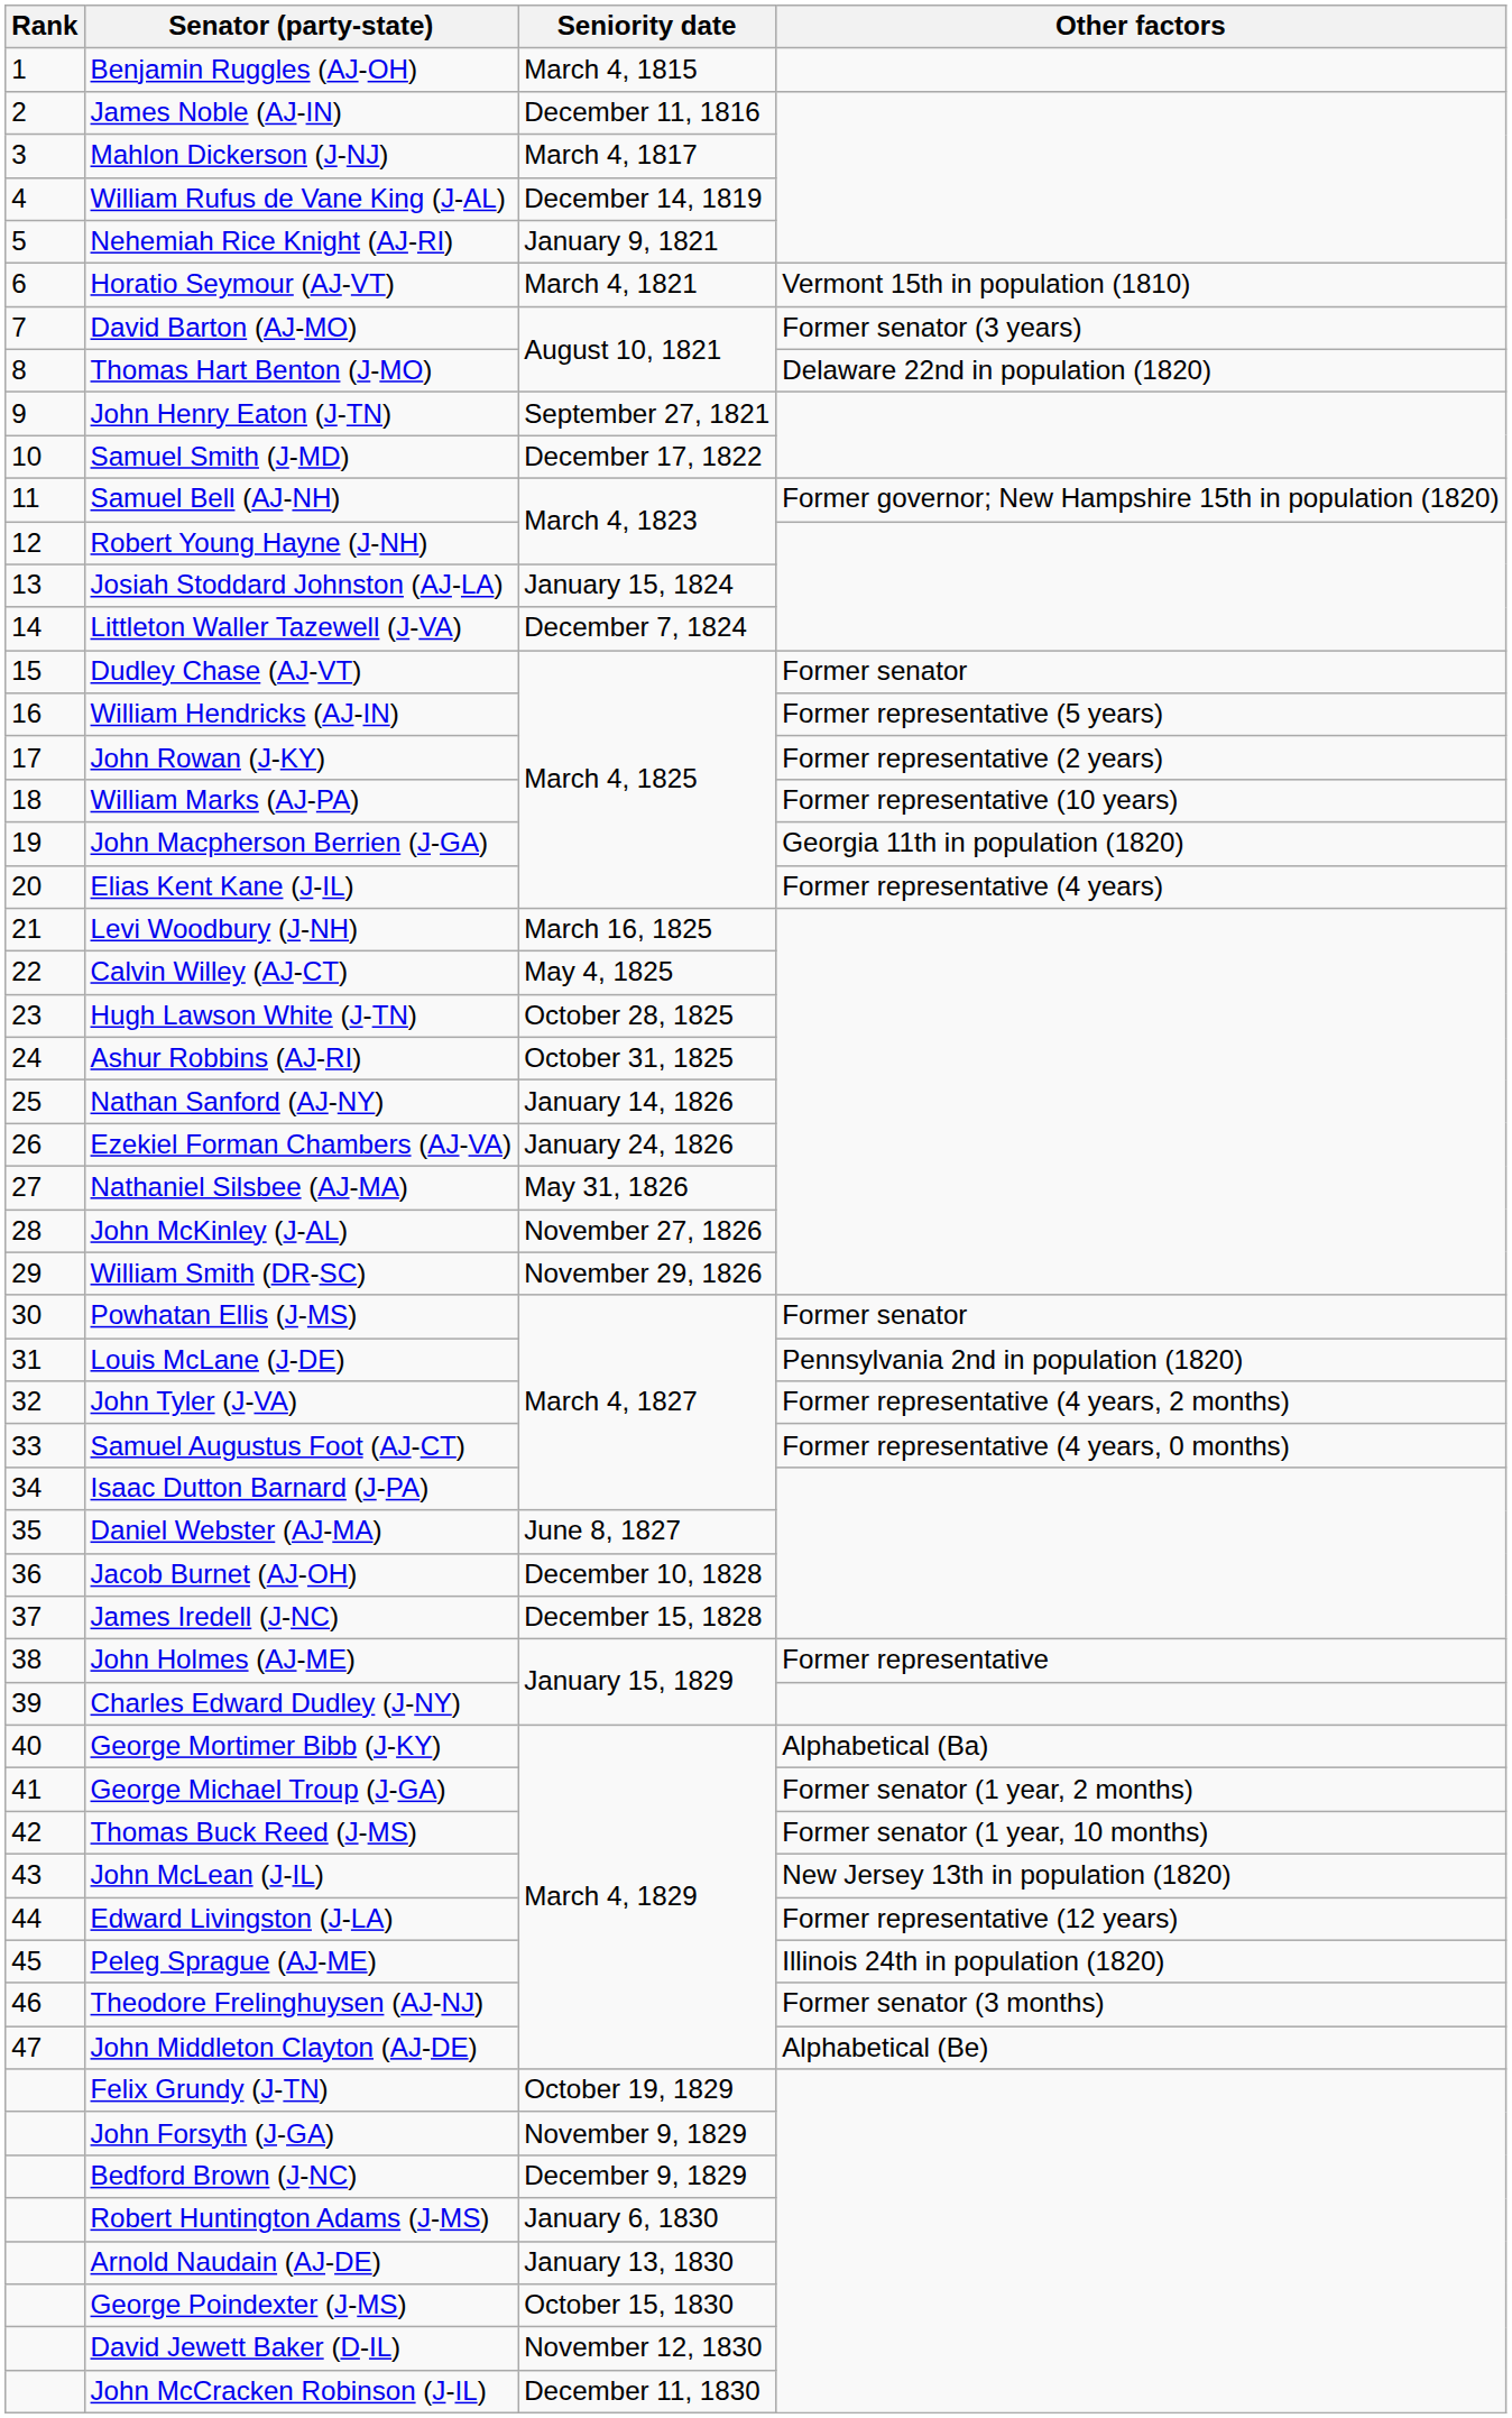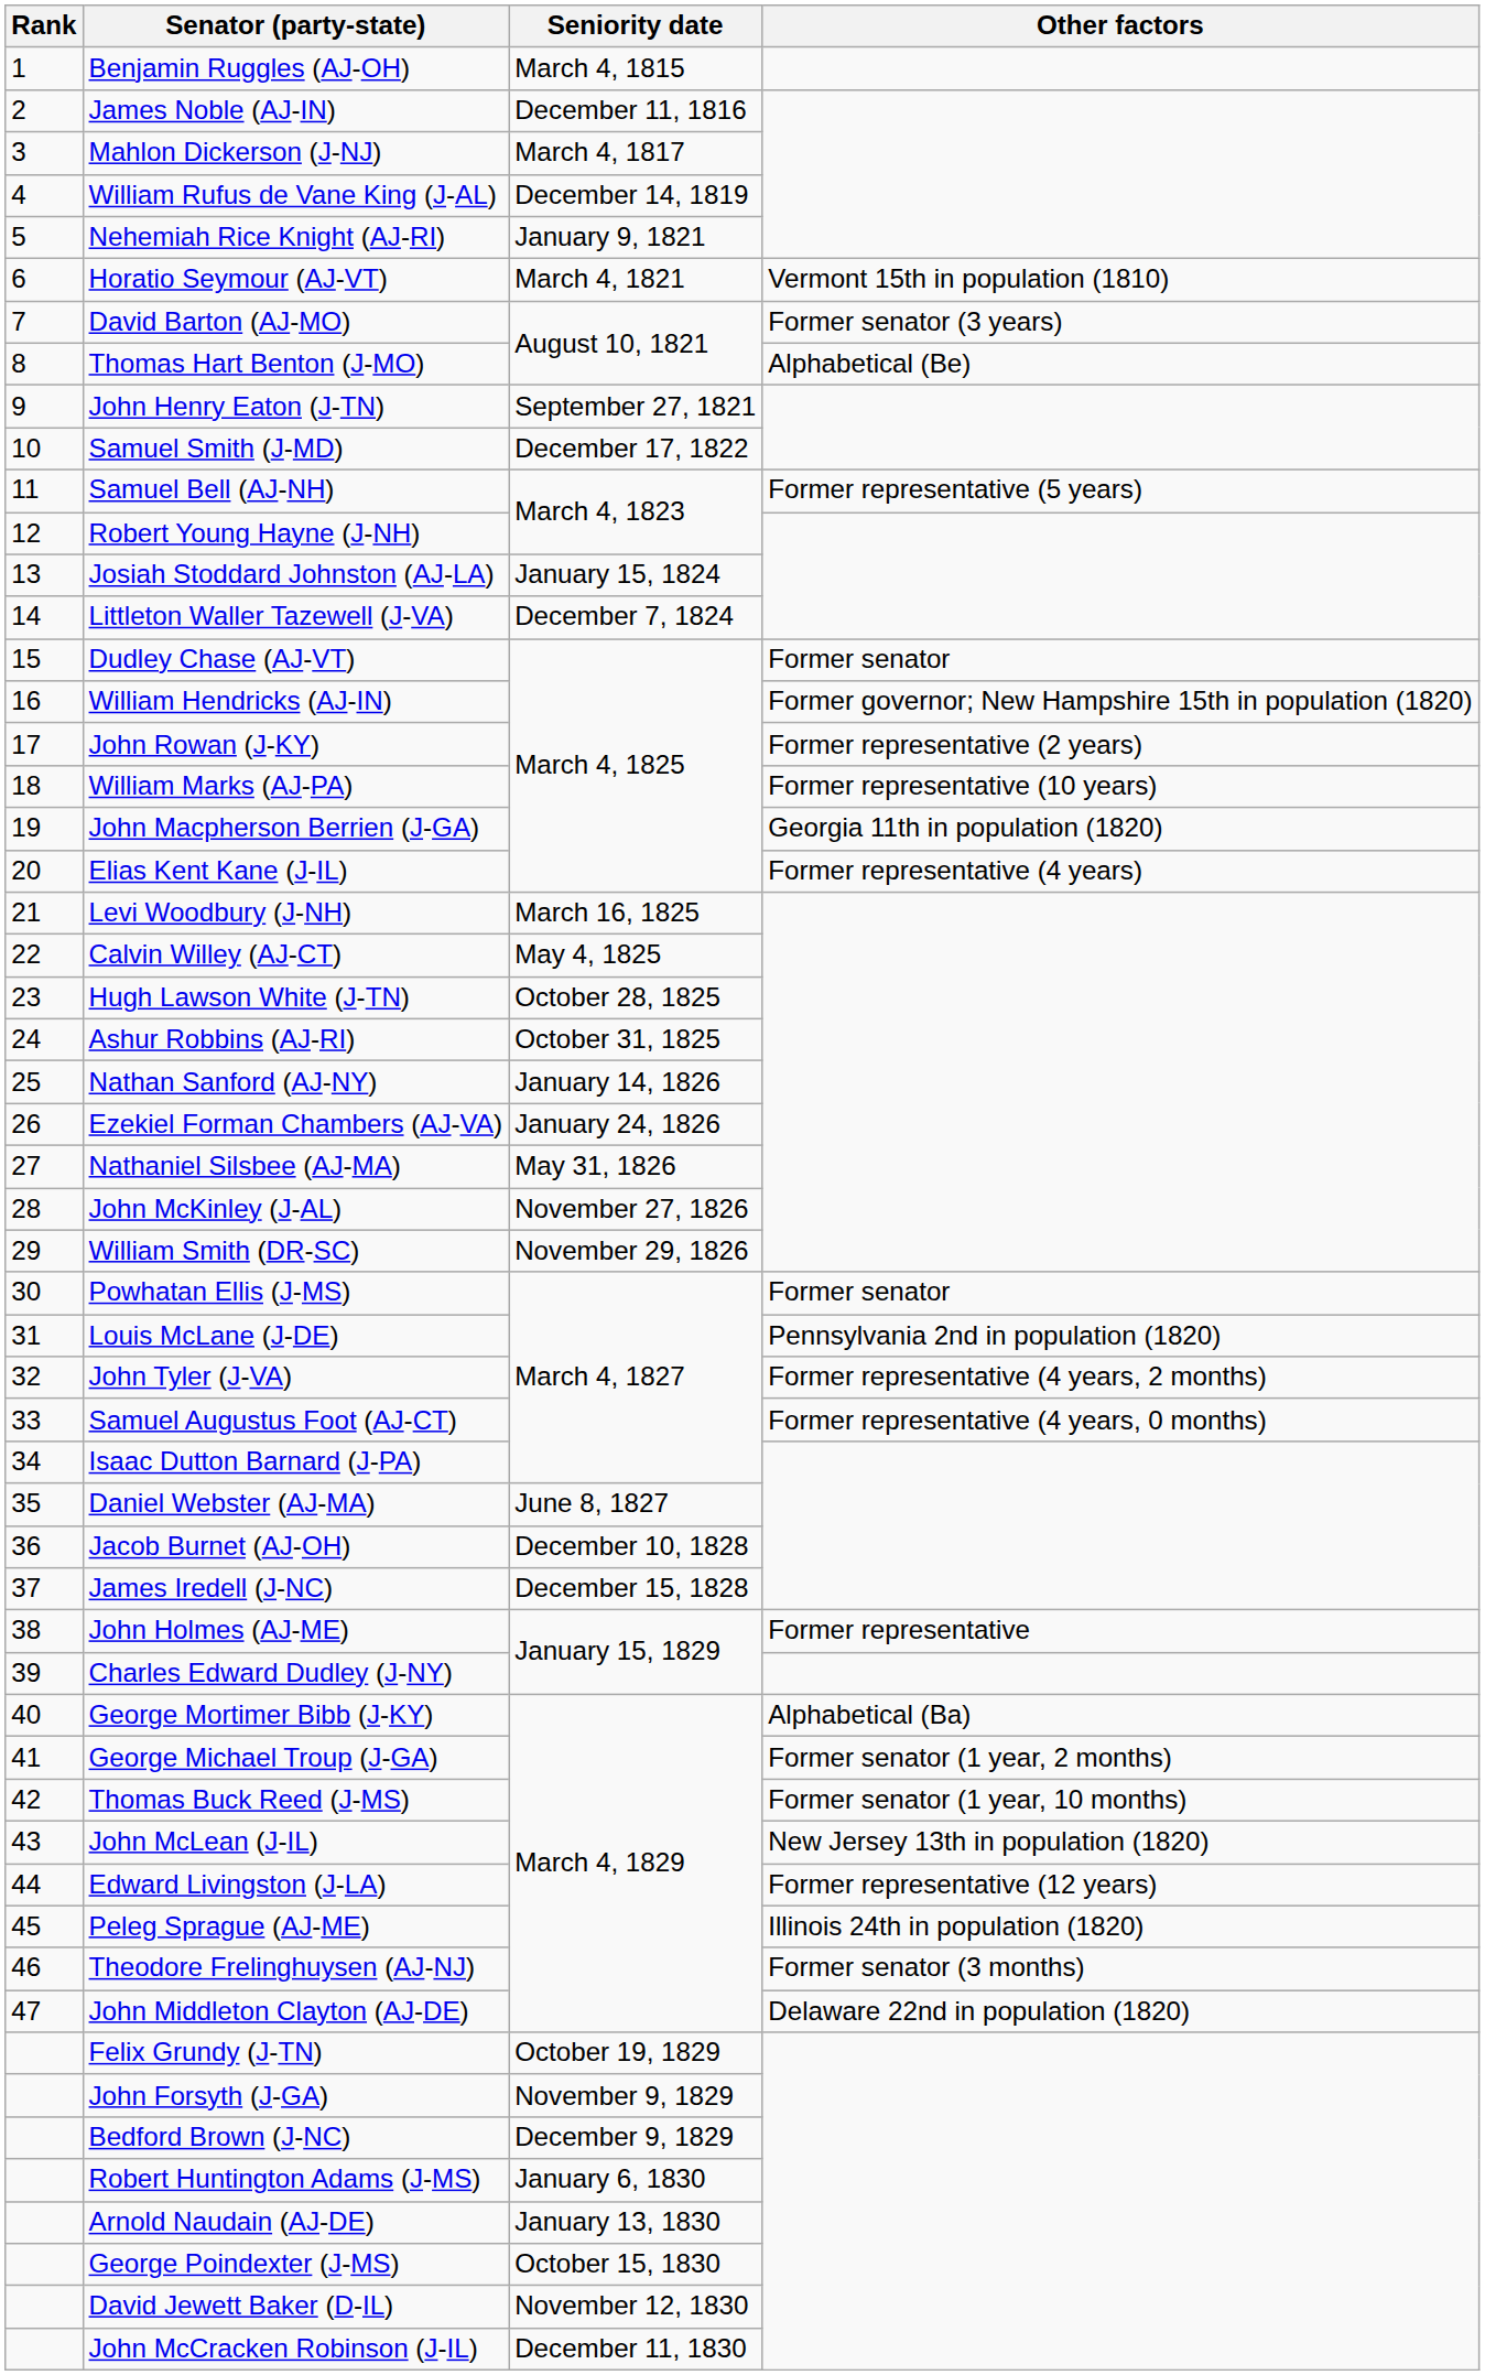 <table class=wikitable>
 <tr valign=bottom>
 <th>Rank</th>
 <th>Senator (party-state)</th>
 <th>Seniority date</th>
 <th>Other factors</th>
 </tr>
 <tr>
 <td>1</td>
 <td><a href='#'>Benjamin Ruggles</a> (<a href='#'>AJ</a>-<a href='#'>OH</a>)</td>
 <td>March 4, 1815</td>
 <td></td>
 </tr>
 <tr>
 <td>2</td>
 <td><a href='#'>James Noble</a> (<a href='#'>AJ</a>-<a href='#'>IN</a>)</td>
 <td>December 11, 1816</td>
 </tr>
 <tr>
 <td>3</td>
 <td><a href='#'>Mahlon Dickerson</a> (<a href='#'>J</a>-<a href='#'>NJ</a>)</td>
 <td>March 4, 1817</td>
 </tr>
 <tr>
 <td>4</td>
 <td><a href='#'>William Rufus de Vane King</a> (<a href='#'>J</a>-<a href='#'>AL</a>)</td>
 <td>December 14, 1819</td>
 </tr>
 <tr>
 <td>5</td>
 <td><a href='#'>Nehemiah Rice Knight</a> (<a href='#'>AJ</a>-<a href='#'>RI</a>)</td>
 <td>January 9, 1821</td>
 </tr>
 <tr>
 <td>6</td>
 <td><a href='#'>Horatio Seymour</a> (<a href='#'>AJ</a>-<a href='#'>VT</a>)</td>
 <td>March 4, 1821</td>
 <td>Vermont 15th in population (1810)</td>
 </tr>
 <tr>
 <td>7</td>
 <td><a href='#'>David Barton</a> (<a href='#'>AJ</a>-<a href='#'>MO</a>)</td>
 <td rowspan=2>August 10, 1821</td>
 <td>Former senator (3 years)</td>
 </tr>
 <tr>
 <td>8</td>
 <td><a href='#'>Thomas Hart Benton</a> (<a href='#'>J</a>-<a href='#'>MO</a>)</td>
-<td>Delaware 22nd in population (1820)</td>
+<td>Alphabetical (Be)</td>
 </tr>
 <tr>
 <td>9</td>
 <td><a href='#'>John Henry Eaton</a> (<a href='#'>J</a>-<a href='#'>TN</a>)</td>
 <td>September 27, 1821</td>
 </tr>
 <tr>
 <td>10</td>
 <td><a href='#'>Samuel Smith</a> (<a href='#'>J</a>-<a href='#'>MD</a>)</td>
 <td>December 17, 1822</td>
 </tr>
 <tr>
 <td>11</td>
 <td><a href='#'>Samuel Bell</a> (<a href='#'>AJ</a>-<a href='#'>NH</a>)</td>
 <td rowspan=2>March 4, 1823</td>
-<td>Former governor; New Hampshire 15th in population (1820)</td>
+<td>Former representative (5 years)</td>
 </tr>
 <tr>
 <td>12</td>
 <td><a href='#'>Robert Young Hayne</a> (<a href='#'>J</a>-<a href='#'>NH</a>)</td>
 </tr>
 <tr>
 <td>13</td>
 <td><a href='#'>Josiah Stoddard Johnston</a> (<a href='#'>AJ</a>-<a href='#'>LA</a>)</td>
 <td>January 15, 1824</td>
 </tr>
 <tr>
 <td>14</td>
 <td><a href='#'>Littleton Waller Tazewell</a> (<a href='#'>J</a>-<a href='#'>VA</a>)</td>
 <td>December 7, 1824</td>
 </tr>
 <tr>
 <td>15</td>
 <td><a href='#'>Dudley Chase</a> (<a href='#'>AJ</a>-<a href='#'>VT</a>)</td>
 <td rowspan=6>March 4, 1825</td>
 <td>Former senator</td>
 </tr>
 <tr>
 <td>16</td>
 <td><a href='#'>William Hendricks</a> (<a href='#'>AJ</a>-<a href='#'>IN</a>)</td>
-<td>Former representative (5 years)</td>
+<td>Former governor; New Hampshire 15th in population (1820)</td>
 </tr>
 <tr>
 <td>17</td>
 <td><a href='#'>John Rowan</a> (<a href='#'>J</a>-<a href='#'>KY</a>)</td>
 <td>Former representative (2 years)</td>
 </tr>
 <tr>
 <td>18</td>
 <td><a href='#'>William Marks</a> (<a href='#'>AJ</a>-<a href='#'>PA</a>)</td>
 <td>Former representative (10 years)</td>
 </tr>
 <tr>
 <td>19</td>
 <td><a href='#'>John Macpherson Berrien</a> (<a href='#'>J</a>-<a href='#'>GA</a>)</td>
 <td>Georgia 11th in population (1820)</td>
 </tr>
 <tr>
 <td>20</td>
 <td><a href='#'>Elias Kent Kane</a> (<a href='#'>J</a>-<a href='#'>IL</a>)</td>
 <td>Former representative (4 years)</td>
 </tr>
 <tr>
 <td>21</td>
 <td><a href='#'>Levi Woodbury</a> (<a href='#'>J</a>-<a href='#'>NH</a>)</td>
 <td>March 16, 1825</td>
 </tr>
 <tr>
 <td>22</td>
 <td><a href='#'>Calvin Willey</a> (<a href='#'>AJ</a>-<a href='#'>CT</a>)</td>
 <td>May 4, 1825</td>
 </tr>
 <tr>
 <td>23</td>
 <td><a href='#'>Hugh Lawson White</a> (<a href='#'>J</a>-<a href='#'>TN</a>)</td>
 <td>October 28, 1825</td>
 </tr>
 <tr>
 <td>24</td>
 <td><a href='#'>Ashur Robbins</a> (<a href='#'>AJ</a>-<a href='#'>RI</a>)</td>
 <td>October 31, 1825</td>
 </tr>
 <tr>
 <td>25</td>
 <td><a href='#'>Nathan Sanford</a> (<a href='#'>AJ</a>-<a href='#'>NY</a>)</td>
 <td>January 14, 1826</td>
 </tr>
 <tr>
 <td>26</td>
 <td><a href='#'>Ezekiel Forman Chambers</a> (<a href='#'>AJ</a>-<a href='#'>VA</a>)</td>
 <td>January 24, 1826</td>
 </tr>
 <tr>
 <td>27</td>
 <td><a href='#'>Nathaniel Silsbee</a> (<a href='#'>AJ</a>-<a href='#'>MA</a>)</td>
 <td>May 31, 1826</td>
 </tr>
 <tr>
 <td>28</td>
 <td><a href='#'>John McKinley</a> (<a href='#'>J</a>-<a href='#'>AL</a>)</td>
 <td>November 27, 1826</td>
 </tr>
 <tr>
 <td>29</td>
 <td><a href='#'>William Smith</a> (<a href='#'>DR</a>-<a href='#'>SC</a>)</td>
 <td>November 29, 1826</td>
 </tr>
 <tr>
 <td>30</td>
 <td><a href='#'>Powhatan Ellis</a> (<a href='#'>J</a>-<a href='#'>MS</a>)</td>
 <td rowspan=5>March 4, 1827</td>
 <td>Former senator</td>
 </tr>
 <tr>
 <td>31</td>
 <td><a href='#'>Louis McLane</a> (<a href='#'>J</a>-<a href='#'>DE</a>)</td>
 <td>Pennsylvania 2nd in population (1820)</td>
 </tr>
 <tr>
 <td>32</td>
 <td><a href='#'>John Tyler</a> (<a href='#'>J</a>-<a href='#'>VA</a>)</td>
 <td>Former representative (4 years, 2 months)</td>
 </tr>
 <tr>
 <td>33</td>
 <td><a href='#'>Samuel Augustus Foot</a> (<a href='#'>AJ</a>-<a href='#'>CT</a>)</td>
 <td>Former representative (4 years, 0 months)</td>
 </tr>
 <tr>
 <td>34</td>
 <td><a href='#'>Isaac Dutton Barnard</a> (<a href='#'>J</a>-<a href='#'>PA</a>)</td>
 </tr>
 <tr>
 <td>35</td>
 <td><a href='#'>Daniel Webster</a> (<a href='#'>AJ</a>-<a href='#'>MA</a>)</td>
 <td>June 8, 1827</td>
 </tr>
 <tr>
 <td>36</td>
 <td><a href='#'>Jacob Burnet</a> (<a href='#'>AJ</a>-<a href='#'>OH</a>)</td>
 <td>December 10, 1828</td>
 </tr>
 <tr>
 <td>37</td>
 <td><a href='#'>James Iredell</a> (<a href='#'>J</a>-<a href='#'>NC</a>)</td>
 <td>December 15, 1828</td>
 </tr>
 <tr>
 <td>38</td>
 <td><a href='#'>John Holmes</a> (<a href='#'>AJ</a>-<a href='#'>ME</a>)</td>
 <td rowspan=2>January 15, 1829</td>
 <td>Former representative</td>
 </tr>
 <tr>
 <td>39</td>
 <td><a href='#'>Charles Edward Dudley</a> (<a href='#'>J</a>-<a href='#'>NY</a>)</td>
 </tr>
 <tr>
 <td>40</td>
 <td><a href='#'>George Mortimer Bibb</a> (<a href='#'>J</a>-<a href='#'>KY</a>)</td>
 <td rowspan=8>March 4, 1829</td>
 <td>Alphabetical (Ba)</td>
 </tr>
 <tr>
 <td>41</td>
 <td><a href='#'>George Michael Troup</a> (<a href='#'>J</a>-<a href='#'>GA</a>)</td>
 <td>Former senator (1 year, 2 months)</td>
 </tr>
 <tr>
 <td>42</td>
 <td><a href='#'>Thomas Buck Reed</a> (<a href='#'>J</a>-<a href='#'>MS</a>)</td>
 <td>Former senator (1 year, 10 months)</td>
 </tr>
 <tr>
 <td>43</td>
 <td><a href='#'>John McLean</a> (<a href='#'>J</a>-<a href='#'>IL</a>)</td>
 <td>New Jersey 13th in population (1820)</td>
 </tr>
 <tr>
 <td>44</td>
 <td><a href='#'>Edward Livingston</a> (<a href='#'>J</a>-<a href='#'>LA</a>)</td>
 <td>Former representative (12 years)</td>
 </tr>
 <tr>
 <td>45</td>
 <td><a href='#'>Peleg Sprague</a> (<a href='#'>AJ</a>-<a href='#'>ME</a>)</td>
 <td>Illinois 24th in population (1820)</td>
 </tr>
 <tr>
 <td>46</td>
 <td><a href='#'>Theodore Frelinghuysen</a> (<a href='#'>AJ</a>-<a href='#'>NJ</a>)</td>
 <td>Former senator (3 months)</td>
 </tr>
 <tr>
 <td>47</td>
 <td><a href='#'>John Middleton Clayton</a> (<a href='#'>AJ</a>-<a href='#'>DE</a>)</td>
-<td>Alphabetical (Be)</td>
+<td>Delaware 22nd in population (1820)</td>
 </tr>
 <tr>
 <td></td>
 <td><a href='#'>Felix Grundy</a> (<a href='#'>J</a>-<a href='#'>TN</a>)</td>
 <td>October 19, 1829</td>
 </tr>
 <tr>
 <td></td>
 <td><a href='#'>John Forsyth</a> (<a href='#'>J</a>-<a href='#'>GA</a>)</td>
 <td>November 9, 1829</td>
 </tr>
 <tr>
 <td></td>
 <td><a href='#'>Bedford Brown</a> (<a href='#'>J</a>-<a href='#'>NC</a>)</td>
 <td>December 9, 1829</td>
 </tr>
 <tr>
 <td></td>
 <td><a href='#'>Robert Huntington Adams</a> (<a href='#'>J</a>-<a href='#'>MS</a>)</td>
 <td>January 6, 1830</td>
 </tr>
 <tr>
 <td></td>
 <td><a href='#'>Arnold Naudain</a> (<a href='#'>AJ</a>-<a href='#'>DE</a>)</td>
 <td>January 13, 1830</td>
 </tr>
 <tr>
 <td></td>
 <td><a href='#'>George Poindexter</a> (<a href='#'>J</a>-<a href='#'>MS</a>)</td>
 <td>October 15, 1830</td>
 </tr>
 <tr>
 <td></td>
 <td><a href='#'>David Jewett Baker</a> (<a href='#'>D</a>-<a href='#'>IL</a>)</td>
 <td>November 12, 1830</td>
 </tr>
 <tr>
 <td></td>
 <td><a href='#'>John McCracken Robinson</a> (<a href='#'>J</a>-<a href='#'>IL</a>)</td>
 <td>December 11, 1830</td>
 </tr>
 <tr>
 </tr>
 </table>
